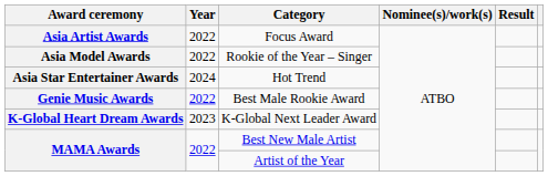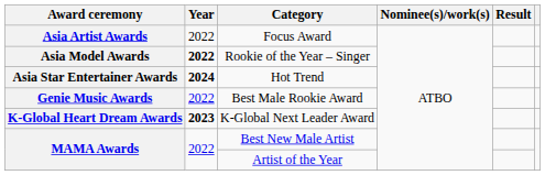 <table class="wikitable sortable plainrowheaders" style="text-align:center">
 <tr>
 <th scope="col">Award ceremony</th>
 <th scope="col">Year</th>
 <th scope="col">Category</th>
 <th scope="col">Nominee(s)/work(s)</th>
 <th scope="col">Result</th>
 <th scope="col" class="unsortable"></th>
 </tr>
 <tr>
 <th scope="row"><a href='#'>Asia Artist Awards</a></th>
 <td>2022</td>
 <td>Focus Award</td>
 <td align="center" rowspan="7">ATBO</td>
 <td></td>
 <td></td>
 </tr>
 <tr>
 <th scope="row">Asia Model Awards</th>
-<td>2022</td>
+<td><strong>2022</strong></td>
 <td>Rookie of the Year – Singer</td>
 <td></td>
 <td></td>
 </tr>
 <tr>
 <th scope="row">Asia Star Entertainer Awards</th>
-<td>2024</td>
+<td><strong>2024</strong></td>
 <td>Hot Trend</td>
 <td></td>
 <td style="text-align:center"></td>
 </tr>
 <tr>
 <th scope="row"><a href='#'>Genie Music Awards</a></th>
 <td><a href='#'>2022</a></td>
 <td>Best Male Rookie Award</td>
 <td></td>
 <td></td>
 </tr>
 <tr>
 <th scope="row"><a href='#'>K-Global Heart Dream Awards</a></th>
-<td>2023</td>
+<td><strong>2023</strong></td>
 <td>K-Global Next Leader Award</td>
 <td></td>
 <td></td>
 </tr>
 <tr>
 <th scope="row" rowspan="2"><a href='#'>MAMA Awards</a></th>
 <td rowspan="2"><a href='#'>2022</a></td>
 <td><a href='#'>Best New Male Artist</a></td>
 <td></td>
 <td rowspan="2"></td>
 </tr>
 <tr>
 <td><a href='#'>Artist of the Year</a></td>
 <td></td>
 </tr>
 </table>
